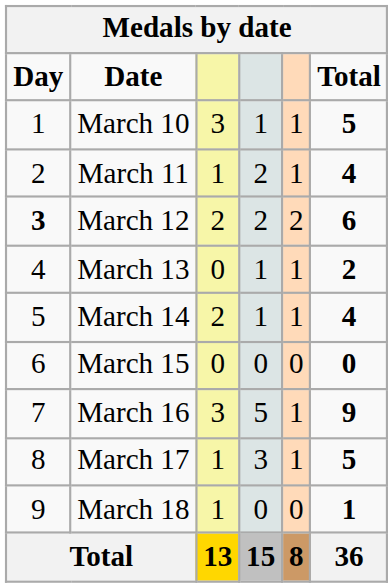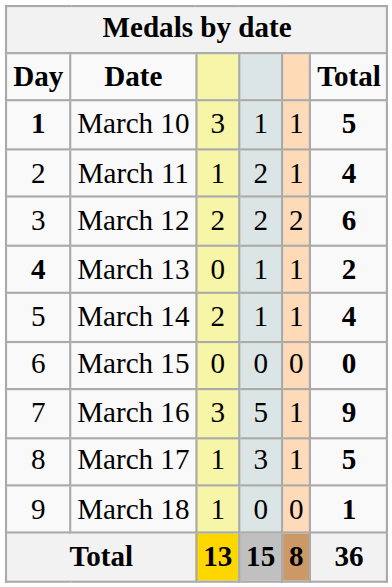 <table class=wikitable style="font-size:85%;float:right;clear:right;margin-left:1em;text-align:center">
 <tr bgcolor=EFEFEF>
 <th colspan=6>Medals by date</th>
 </tr>
 <tr>
 <td><strong>Day</strong></td>
 <td><strong>Date</strong></td>
 <td bgcolor=F7F6A8></td>
 <td bgcolor=DCE5E5></td>
 <td bgcolor=FFDAB9></td>
 <td><strong>Total</strong></td>
 </tr>
 <tr>
-<td>1</td>
+<td><strong>1</strong></td>
 <td>March 10</td>
 <td bgcolor=F7F6A8>3</td>
 <td bgcolor=DCE5E5>1</td>
 <td bgcolor=FFDAB9>1</td>
 <td><strong>5</strong></td>
 </tr>
 <tr>
 <td>2</td>
 <td>March 11</td>
 <td bgcolor=F7F6A8>1</td>
 <td bgcolor=DCE5E5>2</td>
 <td bgcolor=FFDAB9>1</td>
 <td><strong>4</strong></td>
 </tr>
 <tr>
-<td><strong>3</strong></td>
+<td>3</td>
 <td>March 12</td>
 <td bgcolor=F7F6A8>2</td>
 <td bgcolor=DCE5E5>2</td>
 <td bgcolor=FFDAB9>2</td>
 <td><strong>6</strong></td>
 </tr>
 <tr>
-<td>4</td>
+<td><strong>4</strong></td>
 <td>March 13</td>
 <td bgcolor=F7F6A8>0</td>
 <td bgcolor=DCE5E5>1</td>
 <td bgcolor=FFDAB9>1</td>
 <td><strong>2</strong></td>
 </tr>
 <tr>
 <td>5</td>
 <td>March 14</td>
 <td bgcolor=F7F6A8>2</td>
 <td bgcolor=DCE5E5>1</td>
 <td bgcolor=FFDAB9>1</td>
 <td><strong>4</strong></td>
 </tr>
 <tr>
 <td>6</td>
 <td>March 15</td>
 <td bgcolor=F7F6A8>0</td>
 <td bgcolor=DCE5E5>0</td>
 <td bgcolor=FFDAB9>0</td>
 <td><strong>0</strong></td>
 </tr>
 <tr>
 <td>7</td>
 <td>March 16</td>
 <td bgcolor=F7F6A8>3</td>
 <td bgcolor=DCE5E5>5</td>
 <td bgcolor=FFDAB9>1</td>
 <td><strong>9</strong></td>
 </tr>
 <tr>
 <td>8</td>
 <td>March 17</td>
 <td bgcolor=F7F6A8>1</td>
 <td bgcolor=DCE5E5>3</td>
 <td bgcolor=FFDAB9>1</td>
 <td><strong>5</strong></td>
 </tr>
 <tr>
 <td>9</td>
 <td>March 18</td>
 <td bgcolor=F7F6A8>1</td>
 <td bgcolor=DCE5E5>0</td>
 <td bgcolor=FFDAB9>0</td>
 <td><strong>1</strong></td>
 </tr>
 <tr>
 <th colspan=2>Total</th>
 <th style="background:gold">13</th>
 <th style="background:silver">15</th>
 <th style="background:#c96">8</th>
 <th>36</th>
 </tr>
 </table>
